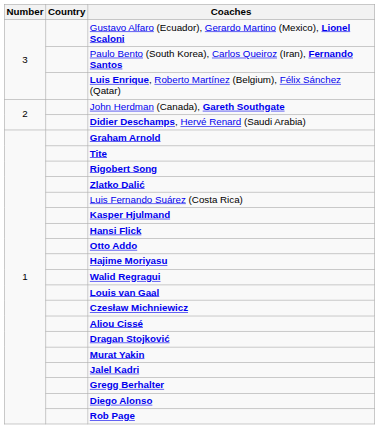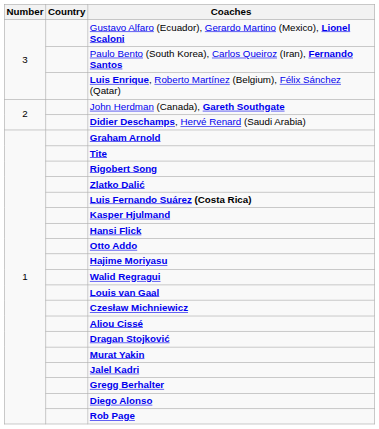 <table class="wikitable sortable">
 <tr>
 <th>Number</th>
 <th>Country</th>
 <th>Coaches</th>
 </tr>
 <tr>
 <td rowspan="3" align="center">3</td>
 <td></td>
 <td><a href='#'>Gustavo Alfaro</a> (Ecuador), <a href='#'>Gerardo Martino</a> (Mexico), <strong><a href='#'>Lionel Scaloni</a></strong></td>
 </tr>
 <tr>
 <td></td>
 <td><a href='#'>Paulo Bento</a> (South Korea), <a href='#'>Carlos Queiroz</a> (Iran), <strong><a href='#'>Fernando Santos</a></strong></td>
 </tr>
 <tr>
 <td></td>
 <td><strong><a href='#'>Luis Enrique</a></strong>, <a href='#'>Roberto Martínez</a> (Belgium), <a href='#'>Félix Sánchez</a> (Qatar)</td>
 </tr>
 <tr>
 <td rowspan="2" align="center">2</td>
 <td></td>
 <td><a href='#'>John Herdman</a> (Canada), <strong><a href='#'>Gareth Southgate</a></strong></td>
 </tr>
 <tr>
 <td></td>
 <td><strong><a href='#'>Didier Deschamps</a></strong>, <a href='#'>Hervé Renard</a> (Saudi Arabia)</td>
 </tr>
 <tr>
 <td rowspan="19" align="center">1</td>
 <td></td>
 <td><strong><a href='#'>Graham Arnold</a></strong></td>
 </tr>
 <tr>
 <td></td>
 <td><strong><a href='#'>Tite</a></strong></td>
 </tr>
 <tr>
 <td></td>
 <td><strong><a href='#'>Rigobert Song</a></strong></td>
 </tr>
 <tr>
 <td></td>
 <td><strong><a href='#'>Zlatko Dalić</a></strong></td>
 </tr>
 <tr>
 <td></td>
-<td><a href='#'>Luis Fernando Suárez</a> (Costa Rica)</td>
+<td><strong><a href='#'>Luis Fernando Suárez</a> (Costa Rica)</strong></td>
 </tr>
 <tr>
 <td></td>
 <td><strong><a href='#'>Kasper Hjulmand</a></strong></td>
 </tr>
 <tr>
 <td></td>
 <td><strong><a href='#'>Hansi Flick</a></strong></td>
 </tr>
 <tr>
 <td></td>
 <td><strong><a href='#'>Otto Addo</a></strong></td>
 </tr>
 <tr>
 <td></td>
 <td><strong><a href='#'>Hajime Moriyasu</a></strong></td>
 </tr>
 <tr>
 <td></td>
 <td><strong><a href='#'>Walid Regragui</a></strong></td>
 </tr>
 <tr>
 <td></td>
 <td><strong><a href='#'>Louis van Gaal</a></strong></td>
 </tr>
 <tr>
 <td></td>
 <td><strong><a href='#'>Czesław Michniewicz</a></strong></td>
 </tr>
 <tr>
 <td></td>
 <td><strong><a href='#'>Aliou Cissé</a></strong></td>
 </tr>
 <tr>
 <td></td>
 <td><strong><a href='#'>Dragan Stojković</a></strong></td>
 </tr>
 <tr>
 <td></td>
 <td><strong><a href='#'>Murat Yakin</a></strong></td>
 </tr>
 <tr>
 <td></td>
 <td><strong><a href='#'>Jalel Kadri</a></strong></td>
 </tr>
 <tr>
 <td></td>
 <td><strong><a href='#'>Gregg Berhalter</a></strong></td>
 </tr>
 <tr>
 <td></td>
 <td><strong><a href='#'>Diego Alonso</a></strong></td>
 </tr>
 <tr>
 <td></td>
 <td><strong><a href='#'>Rob Page</a></strong></td>
 </tr>
 </table>
